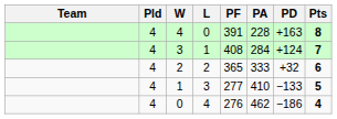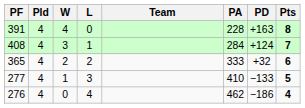 <table class=wikitable style="text-align:center">
 <tr>
-<th width=180>Team</th>
+<th width=30>PF</th>
 <th width=30>Pld</th>
 <th width=30>W</th>
 <th width=30>L</th>
-<th width=30>PF</th>
+<th width=180>Team</th>
 <th width=30>PA</th>
 <th width=30>PD</th>
 <th width=30>Pts</th>
 </tr>
 <tr bgcolor="#ccffcc">
-<td align="left"></td>
+<td>391</td>
 <td>4</td>
 <td>4</td>
 <td>0</td>
-<td>391</td>
+<td align="left"></td>
 <td>228</td>
 <td>+163</td>
 <td><strong>8</strong></td>
 </tr>
 <tr bgcolor="#ccffcc">
-<td align="left"></td>
+<td>408</td>
 <td>4</td>
 <td>3</td>
 <td>1</td>
-<td>408</td>
+<td align="left"></td>
 <td>284</td>
 <td>+124</td>
 <td><strong>7</strong></td>
 </tr>
 <tr>
-<td align="left"></td>
+<td>365</td>
 <td>4</td>
 <td>2</td>
 <td>2</td>
-<td>365</td>
+<td align="left"></td>
 <td>333</td>
 <td>+32</td>
 <td><strong>6</strong></td>
 </tr>
 <tr>
-<td align="left"></td>
+<td>277</td>
 <td>4</td>
 <td>1</td>
 <td>3</td>
-<td>277</td>
+<td align="left"></td>
 <td>410</td>
 <td>−133</td>
 <td><strong>5</strong></td>
 </tr>
 <tr>
-<td align="left"></td>
+<td>276</td>
 <td>4</td>
 <td>0</td>
 <td>4</td>
-<td>276</td>
+<td align="left"></td>
 <td>462</td>
 <td>−186</td>
 <td><strong>4</strong></td>
 </tr>
 </table>
